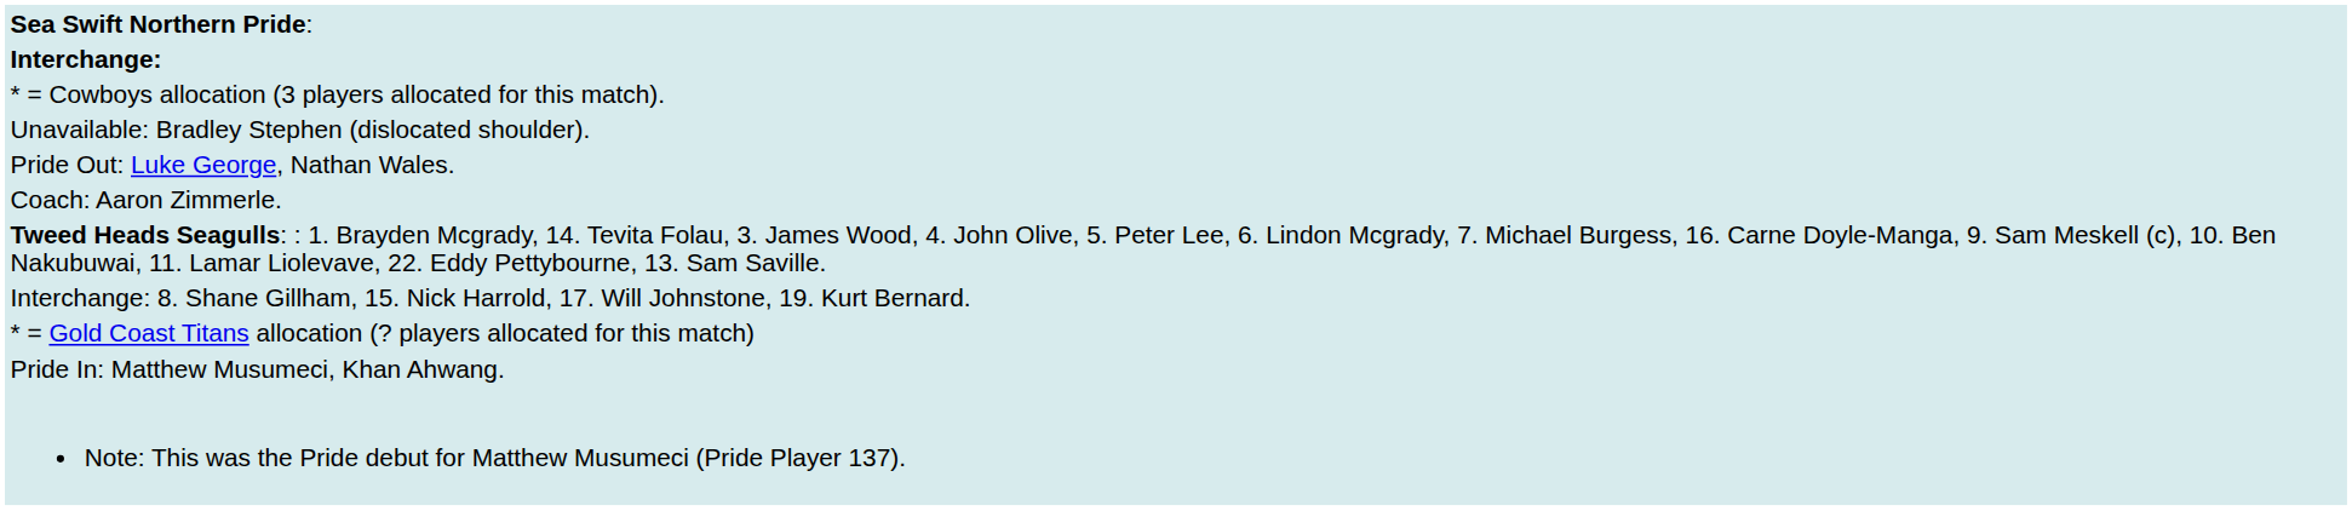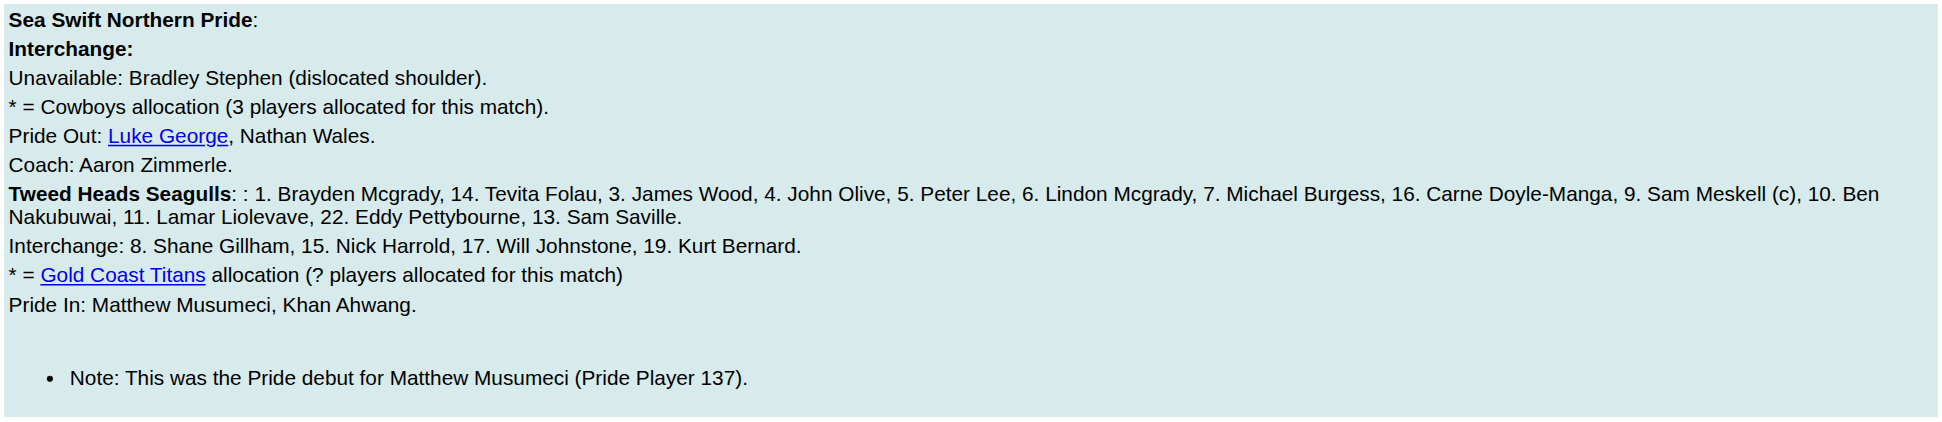 <table style="background:#d7ebed; font-size:85%; width:100%;">
 <tr>
 <td><strong>Sea Swift Northern Pride</strong>:             </td>
 </tr>
 <tr>
 <td><strong>Interchange:    </strong></td>
 </tr>
 <tr>
-<td>* = Cowboys allocation (3 players allocated for this match).</td>
+<td>Unavailable: Bradley Stephen (dislocated shoulder).</td>
 </tr>
 <tr>
-<td>Unavailable: Bradley Stephen (dislocated shoulder).</td>
+<td>* = Cowboys allocation (3 players allocated for this match).</td>
 </tr>
 <tr>
 <td>Pride Out: <a href='#'>Luke George</a>, Nathan Wales.</td>
 </tr>
 <tr>
 <td>Coach:  Aaron Zimmerle.</td>
 </tr>
 <tr>
 <td><strong>Tweed Heads Seagulls</strong>: : 1. Brayden Mcgrady, 14. Tevita Folau, 3. James Wood, 4. John Olive, 5. Peter Lee, 6. Lindon Mcgrady, 7. Michael Burgess, 16. Carne Doyle-Manga, 9. Sam Meskell (c), 10. Ben Nakubuwai, 11. Lamar Liolevave, 22. Eddy Pettybourne, 13. Sam Saville.</td>
 </tr>
 <tr>
 <td>Interchange: 8. Shane Gillham, 15. Nick Harrold, 17. Will Johnstone, 19. Kurt Bernard.</td>
 </tr>
 <tr>
 <td>* = <a href='#'>Gold Coast Titans</a> allocation (? players allocated for this match)</td>
 </tr>
 <tr>
 <td>Pride In: Matthew Musumeci, Khan Ahwang.</td>
 </tr>
 <tr>
 <td><br><ul><li>Note: This was the Pride debut for Matthew Musumeci (Pride Player 137).</li></ul></td>
 </tr>
 <tr>
 </tr>
 </table>
